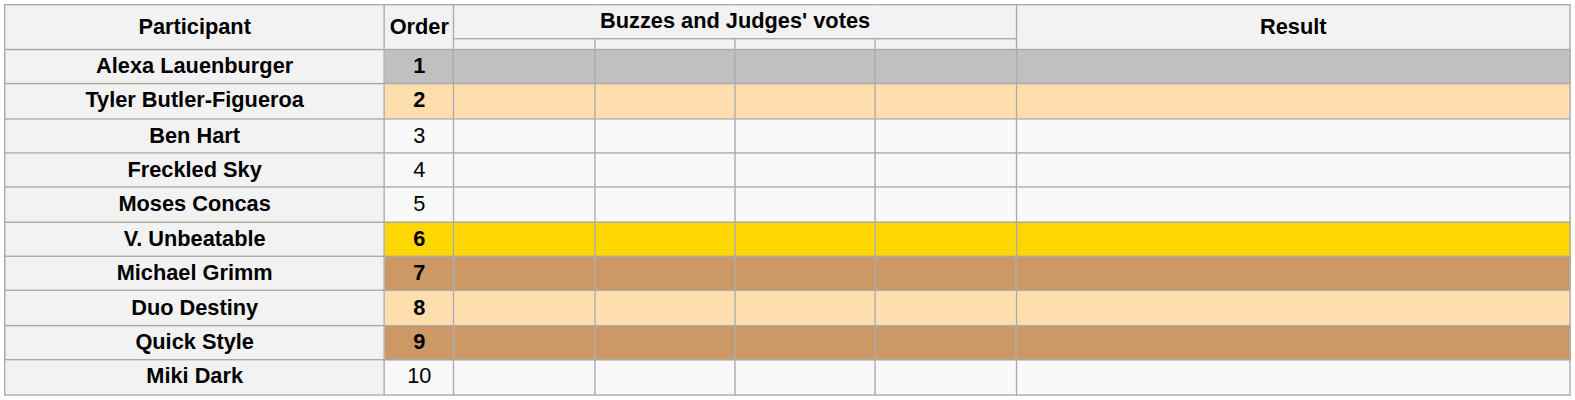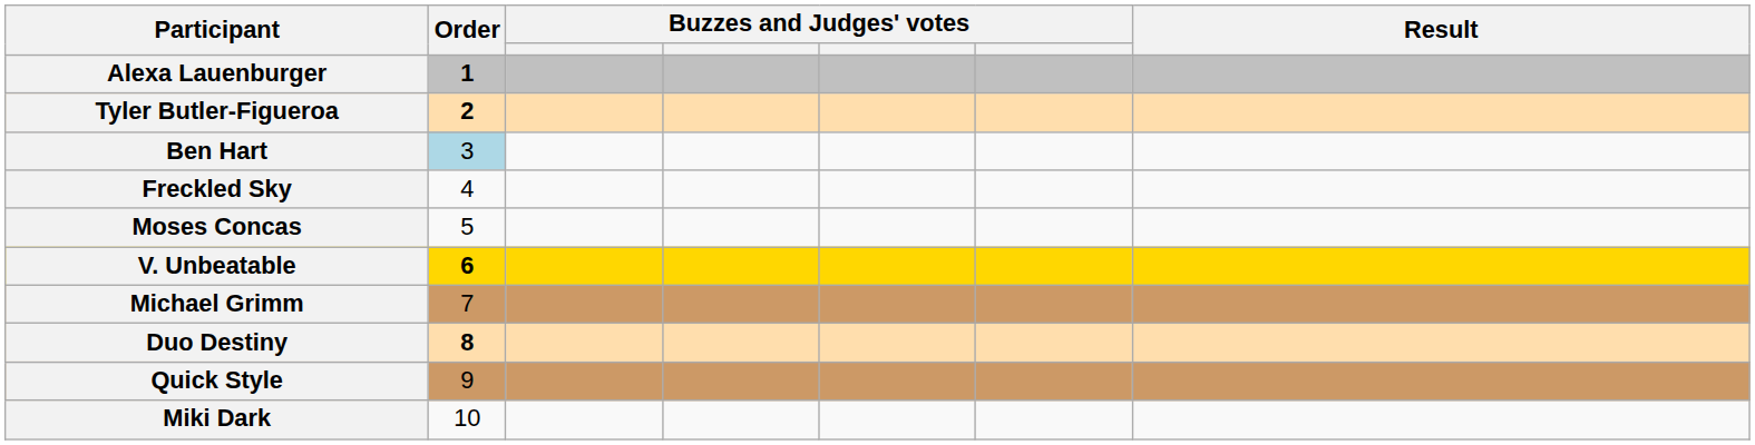 <table class="wikitable plainrowheaders sortable" style="text-align:center;">
 <tr>
 <th scope="col" rowspan="2" class="unsortable" style="width:17em;">Participant</th>
 <th scope="col" rowspan="2" style="width:1em;">Order</th>
 <th scope="col" colspan="4" class="unsortable" style="width:24em;">Buzzes and Judges' votes</th>
 <th scope="col" rowspan="2" style="width:25em;">Result</th>
 </tr>
 <tr>
 <th scope="col" class="unsortable" style="width:6em;"></th>
 <th scope="col" class="unsortable" style="width:6em;"></th>
 <th scope="col" class="unsortable" style="width:6em;"></th>
 <th scope="col" class="unsortable" style="width:6em;"></th>
 </tr>
 <tr bgcolor=silver>
 <th scope="row"><strong>Alexa Lauenburger</strong></th>
 <td><strong>1</strong></td>
 <td style="text-align:center;"></td>
 <td style="text-align:center;"></td>
 <td style="text-align:center;"></td>
 <td style="text-align:center;"></td>
 <td><strong></strong></td>
 </tr>
 <tr bgcolor=navajowhite>
 <th scope="row"><strong>Tyler Butler-Figueroa</strong></th>
 <td><strong>2</strong></td>
 <td style="text-align:center;"></td>
 <td style="text-align:center;"></td>
 <td style="text-align:center;"></td>
 <td style="text-align:center;"></td>
 <td><strong></strong></td>
 </tr>
 <tr>
 <th scope="row">Ben Hart</th>
-<td>3</td>
+<td style="background: lightblue;">3</td>
 <td style="text-align:center;"></td>
 <td style="text-align:center;"></td>
 <td style="text-align:center;"></td>
 <td style="text-align:center;"></td>
 <td></td>
 </tr>
 <tr>
 <th scope="row">Freckled Sky</th>
 <td>4</td>
 <td style="text-align:center;"></td>
 <td style="text-align:center;"></td>
 <td style="text-align:center;"></td>
 <td style="text-align:center;"></td>
 <td></td>
 </tr>
 <tr>
 <th scope="row">Moses Concas</th>
 <td>5</td>
 <td style="text-align:center;"></td>
 <td style="text-align:center;"></td>
 <td style="text-align:center;"></td>
 <td style="text-align:center;"></td>
 <td></td>
 </tr>
 <tr bgcolor=gold>
 <th scope="row"><strong>V. Unbeatable</strong></th>
 <td><strong>6</strong></td>
 <td style="text-align:center;"></td>
 <td style="text-align:center;"></td>
 <td style="text-align:center;"></td>
 <td style="text-align:center;"></td>
 <td><strong></strong></td>
 </tr>
 <tr bgcolor=#c96>
 <th scope="row">Michael Grimm</th>
-<td><strong>7</strong></td>
+<td>7</td>
 <td style="text-align:center;"></td>
 <td style="text-align:center;"></td>
 <td style="text-align:center;"></td>
 <td style="text-align:center;"></td>
 <td></td>
 </tr>
 <tr bgcolor=navajowhite>
 <th scope="row"><strong>Duo Destiny</strong></th>
 <td><strong>8</strong></td>
 <td style="text-align:center;"></td>
 <td style="text-align:center;"></td>
 <td style="text-align:center;"></td>
 <td style="text-align:center;"></td>
 <td><strong></strong></td>
 </tr>
 <tr bgcolor=#c96>
 <th scope="row">Quick Style</th>
-<td><strong>9</strong></td>
+<td>9</td>
 <td style="text-align:center;"></td>
 <td style="text-align:center;"></td>
 <td style="text-align:center;"></td>
 <td style="text-align:center;"></td>
 <td></td>
 </tr>
 <tr>
 <th scope="row">Miki Dark</th>
 <td>10</td>
 <td style="text-align:center;"></td>
 <td style="text-align:center;"></td>
 <td style="text-align:center;"></td>
 <td style="text-align:center;"></td>
 <td></td>
 </tr>
 </table>
